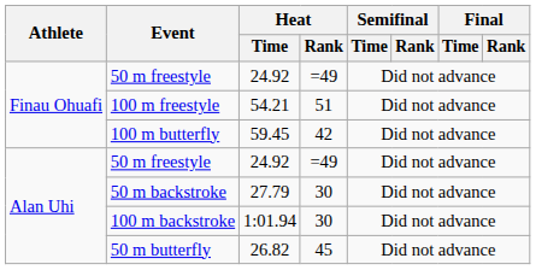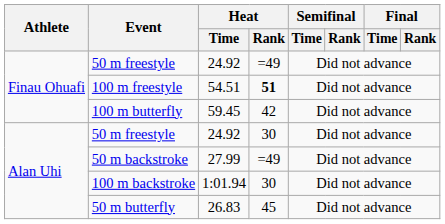 <table class=wikitable style=font-size:90%>
 <tr>
 <th rowspan=2>Athlete</th>
 <th rowspan=2>Event</th>
 <th colspan=2>Heat</th>
 <th colspan=2>Semifinal</th>
 <th colspan=2>Final</th>
 </tr>
 <tr style=font-size:95%>
 <th>Time</th>
 <th>Rank</th>
 <th>Time</th>
 <th>Rank</th>
 <th>Time</th>
 <th>Rank</th>
 </tr>
 <tr align=center>
 <td align=left rowspan=3><a href='#'>Finau Ohuafi</a></td>
 <td align=left rowspan="1"><a href='#'>50 m freestyle</a></td>
 <td>24.92</td>
 <td>=49</td>
 <td colspan=4>Did not advance</td>
 </tr>
 <tr align=center>
 <td align=left rowspan="1"><a href='#'>100 m freestyle</a></td>
-<td>54.21</td>
-<td>51</td>
+<td>54.51</td>
+<td><strong>51</strong></td>
 <td colspan=4>Did not advance</td>
 </tr>
 <tr align=center>
 <td align=left rowspan="1"><a href='#'>100 m butterfly</a></td>
 <td>59.45</td>
 <td>42</td>
 <td colspan=4>Did not advance</td>
 </tr>
 <tr align=center>
 <td align=left rowspan=4><a href='#'>Alan Uhi</a></td>
 <td align=left rowspan="1"><a href='#'>50 m freestyle</a></td>
 <td>24.92</td>
-<td>=49</td>
+<td>30</td>
 <td colspan=4>Did not advance</td>
 </tr>
 <tr align=center>
 <td style="text-align:left;"><a href='#'>50 m backstroke</a></td>
-<td>27.79</td>
-<td>30</td>
+<td>27.99</td>
+<td>=49</td>
 <td colspan=4>Did not advance</td>
 </tr>
 <tr align=center>
 <td style="text-align:left;"><a href='#'>100 m backstroke</a></td>
 <td>1:01.94</td>
 <td>30</td>
 <td colspan=4>Did not advance</td>
 </tr>
 <tr align=center>
 <td align=left rowspan="1"><a href='#'>50 m butterfly</a></td>
-<td>26.82</td>
+<td>26.83</td>
 <td>45</td>
 <td colspan=4>Did not advance</td>
 </tr>
 </table>
